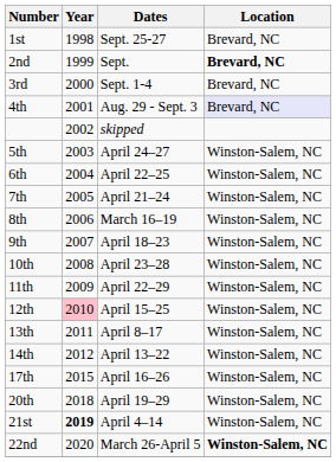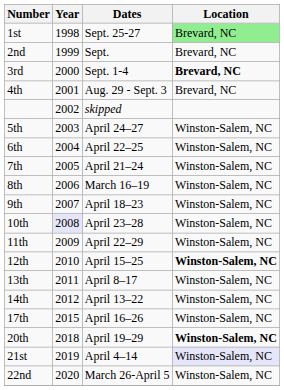 <table class="wikitable">
 <tr>
 <th>Number</th>
 <th>Year</th>
 <th>Dates</th>
 <th>Location</th>
 </tr>
 <tr>
 <td>1st</td>
 <td>1998</td>
 <td>Sept. 25-27</td>
-<td>Brevard, NC</td>
+<td style="background: lightgreen;">Brevard, NC</td>
 </tr>
 <tr>
 <td>2nd</td>
 <td>1999</td>
 <td>Sept.</td>
-<td><strong>Brevard, NC</strong></td>
+<td>Brevard, NC</td>
 </tr>
 <tr>
 <td>3rd</td>
 <td>2000</td>
 <td>Sept. 1-4</td>
-<td>Brevard, NC</td>
+<td><strong>Brevard, NC</strong></td>
 </tr>
 <tr>
 <td>4th</td>
 <td>2001</td>
 <td>Aug. 29 - Sept. 3</td>
-<td style="background: lavender;">Brevard, NC</td>
+<td>Brevard, NC</td>
 </tr>
 <tr>
 <td></td>
 <td>2002</td>
 <td><em>skipped</em></td>
 <td></td>
 </tr>
 <tr>
 <td>5th</td>
 <td>2003</td>
 <td>April 24–27</td>
 <td>Winston-Salem, NC</td>
 </tr>
 <tr>
 <td>6th</td>
 <td>2004</td>
 <td>April 22–25</td>
 <td>Winston-Salem, NC</td>
 </tr>
 <tr>
 <td>7th</td>
 <td>2005</td>
 <td>April 21–24</td>
 <td>Winston-Salem, NC</td>
 </tr>
 <tr>
 <td>8th</td>
 <td>2006</td>
 <td>March 16–19</td>
 <td>Winston-Salem, NC</td>
 </tr>
 <tr>
 <td>9th</td>
 <td>2007</td>
 <td>April 18–23</td>
 <td>Winston-Salem, NC</td>
 </tr>
 <tr>
 <td>10th</td>
-<td>2008</td>
+<td style="background: lavender;">2008</td>
 <td>April 23–28</td>
 <td>Winston-Salem, NC</td>
 </tr>
 <tr>
 <td>11th</td>
 <td>2009</td>
 <td>April 22–29</td>
 <td>Winston-Salem, NC</td>
 </tr>
 <tr>
 <td>12th</td>
-<td style="background: pink;">2010</td>
+<td>2010</td>
 <td>April 15–25</td>
-<td>Winston-Salem, NC</td>
+<td><strong>Winston-Salem, NC</strong></td>
 </tr>
 <tr>
 <td>13th</td>
 <td>2011</td>
 <td>April 8–17</td>
 <td>Winston-Salem, NC</td>
 </tr>
 <tr>
 <td>14th</td>
 <td>2012</td>
 <td>April 13–22</td>
 <td>Winston-Salem, NC</td>
 </tr>
 <tr>
 <td>17th</td>
 <td>2015</td>
 <td>April 16–26</td>
 <td>Winston-Salem, NC</td>
 </tr>
 <tr>
 <td>20th</td>
 <td>2018</td>
 <td>April 19–29</td>
-<td>Winston-Salem, NC</td>
+<td><strong>Winston-Salem, NC</strong></td>
 </tr>
 <tr>
 <td>21st</td>
-<td><strong>2019</strong></td>
+<td>2019</td>
 <td>April 4–14</td>
-<td>Winston-Salem, NC</td>
+<td style="background: lavender;">Winston-Salem, NC</td>
 </tr>
 <tr>
 <td>22nd</td>
 <td>2020</td>
 <td>March 26-April 5</td>
-<td><strong>Winston-Salem, NC</strong></td>
+<td>Winston-Salem, NC</td>
 </tr>
 <tr>
 </tr>
 </table>
